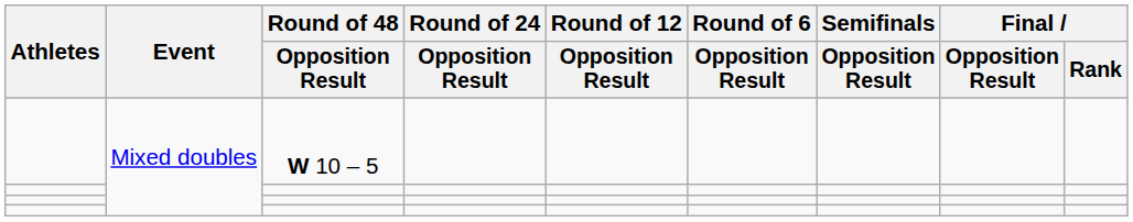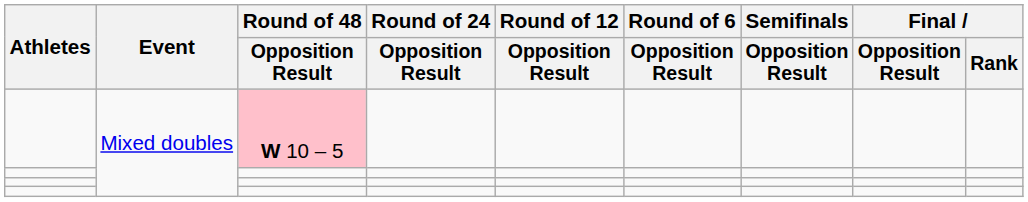 <table class="wikitable" style="font-size:90%; text-align:center;">
 <tr>
 <th rowspan=2>Athletes</th>
 <th rowspan=2>Event</th>
 <th>Round of 48</th>
 <th>Round of 24</th>
 <th>Round of 12</th>
 <th>Round of 6</th>
 <th>Semifinals</th>
 <th colspan=2>Final / </th>
 </tr>
 <tr style="font-size:95%">
 <th>Opposition<br>Result</th>
 <th>Opposition<br>Result</th>
 <th>Opposition<br>Result</th>
 <th>Opposition<br>Result</th>
 <th>Opposition<br>Result</th>
 <th>Opposition<br>Result</th>
 <th>Rank</th>
 </tr>
 <tr>
 <td align=left><br></td>
 <td align=left rowspan=4><a href='#'>Mixed doubles</a></td>
-<td><br><br><strong>W</strong> 10 – 5</td>
+<td style="background: pink;"><br><br><strong>W</strong> 10 – 5</td>
 <td></td>
 <td></td>
 <td></td>
 <td></td>
 <td></td>
 <td></td>
 </tr>
 <tr>
 <td align=left></td>
 <td></td>
 <td></td>
 <td></td>
 <td></td>
 <td></td>
 <td></td>
 <td></td>
 </tr>
 <tr>
 <td align=left></td>
 <td></td>
 <td></td>
 <td></td>
 <td></td>
 <td></td>
 <td></td>
 <td></td>
 </tr>
 <tr>
 <td align=left></td>
 <td></td>
 <td></td>
 <td></td>
 <td></td>
 <td></td>
 <td></td>
 <td></td>
 </tr>
 </table>
